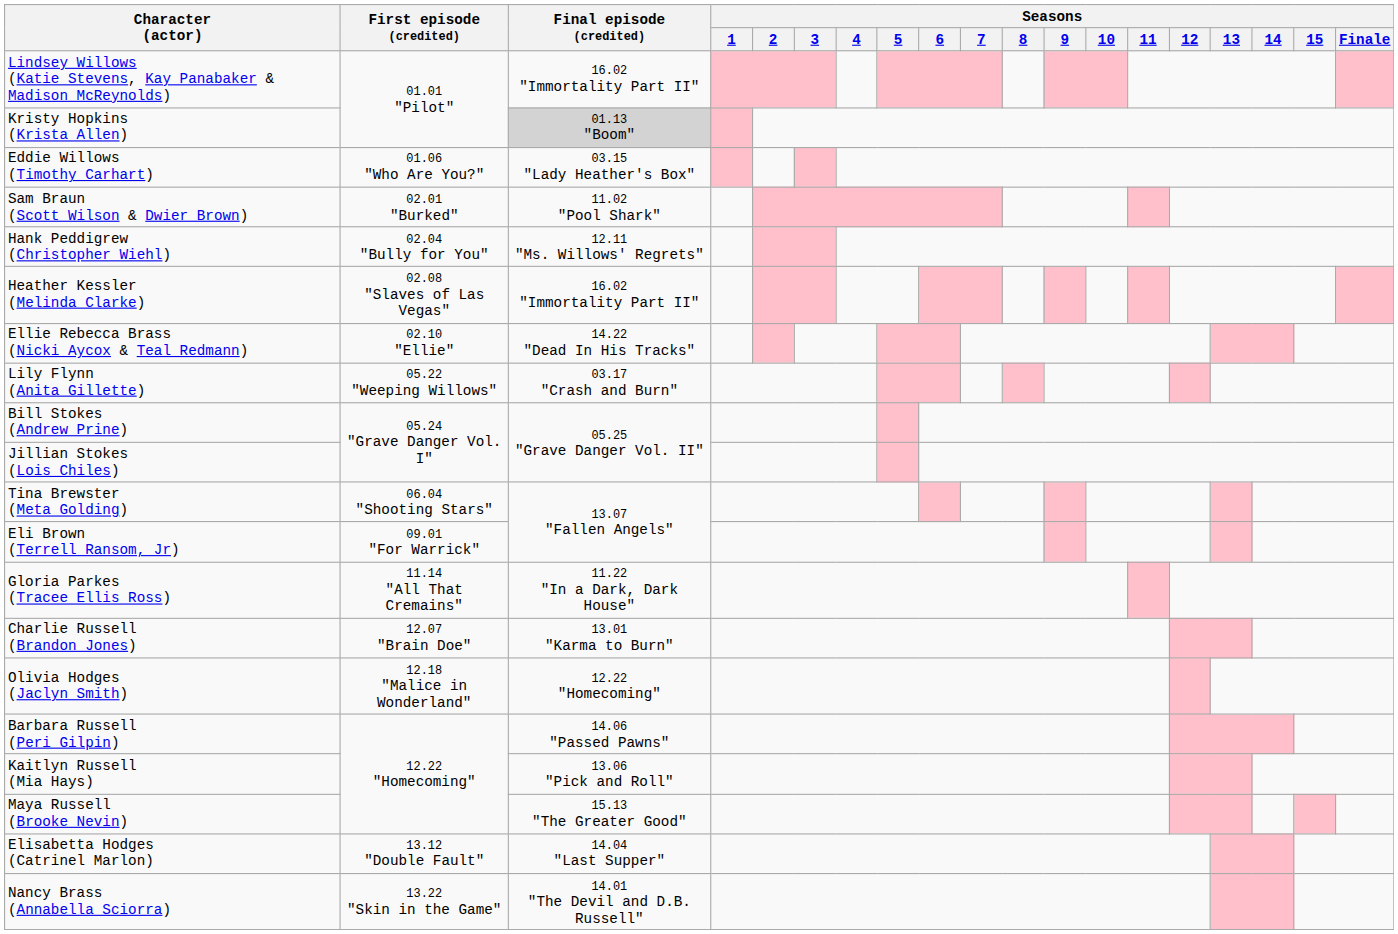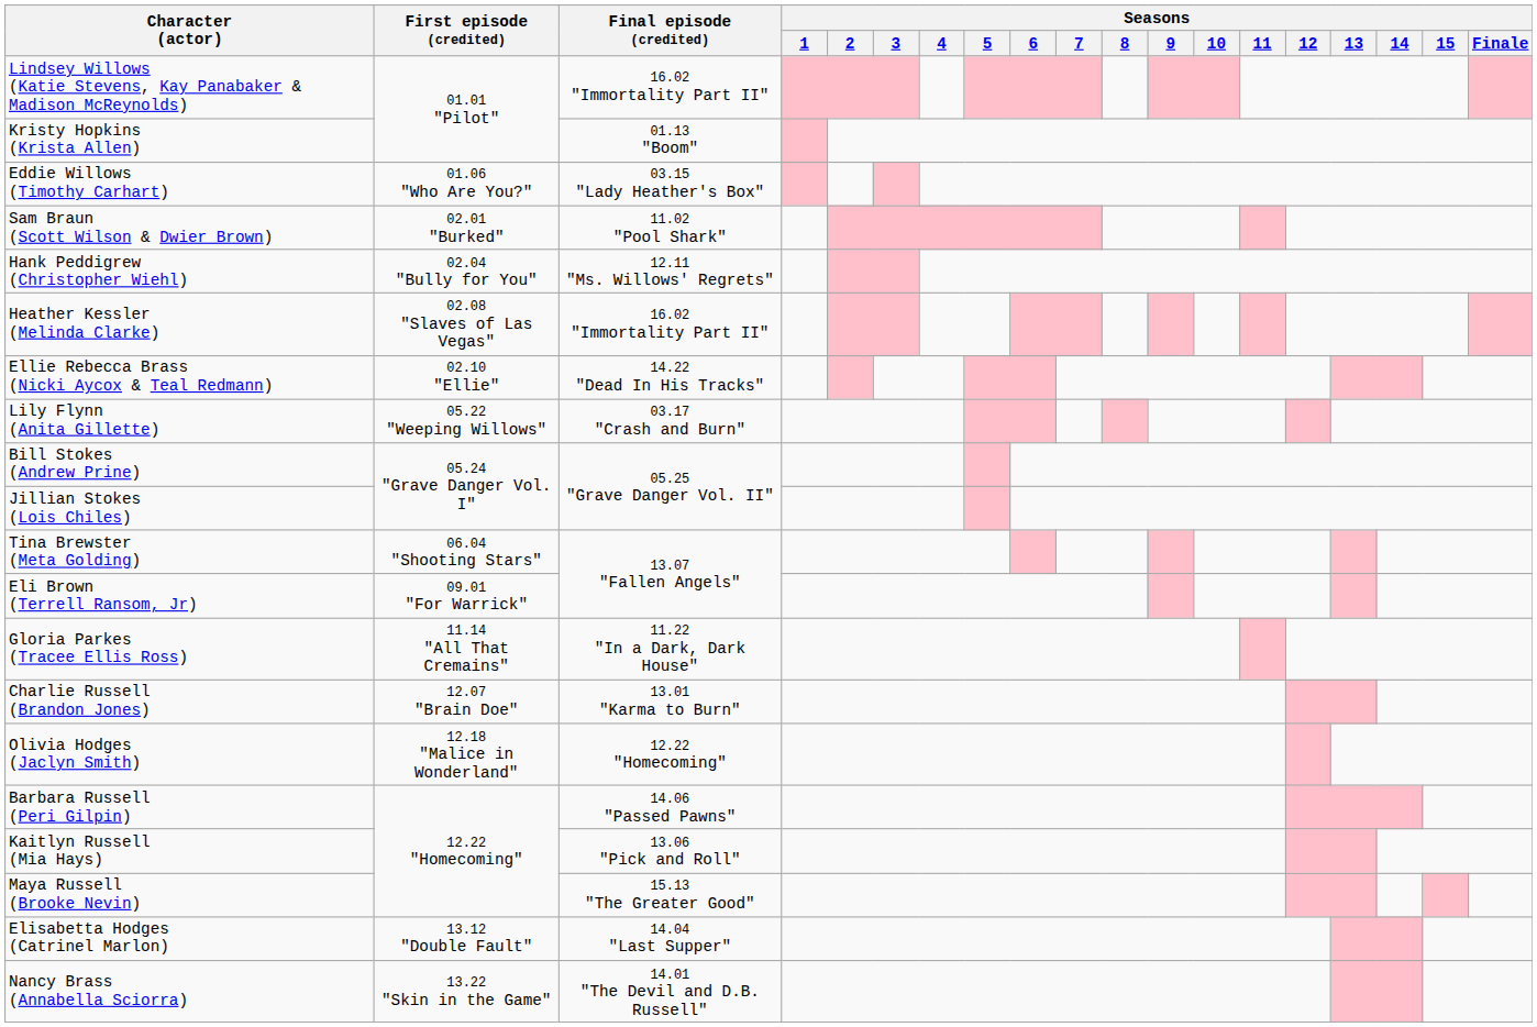 <table class="wikitable sortable sticky-header-multi" style="width:100%;">
 <tr>
 <th rowspan="2">Character<br>(actor)</th>
 <th class=unsortable rowspan="2">First episode<br><small>(credited)</small></th>
 <th class=unsortable rowspan="2">Final episode<br><small>(credited)</small></th>
 <th class=unsortable colspan="16">Seasons</th>
 </tr>
 <tr>
 <th class=unsortable style="width:3%;"><a href='#'>1</a></th>
 <th class=unsortable style="width:3%;"><a href='#'>2</a></th>
 <th class=unsortable style="width:3%;"><a href='#'>3</a></th>
 <th class=unsortable style="width:3%;"><a href='#'>4</a></th>
 <th class=unsortable style="width:3%;"><a href='#'>5</a></th>
 <th class=unsortable style="width:3%;"><a href='#'>6</a></th>
 <th class=unsortable style="width:3%;"><a href='#'>7</a></th>
 <th class=unsortable style="width:3%;"><a href='#'>8</a></th>
 <th class=unsortable style="width:3%;"><a href='#'>9</a></th>
 <th class=unsortable style="width:3%;"><a href='#'>10</a></th>
 <th class=unsortable style="width:3%;"><a href='#'>11</a></th>
 <th class=unsortable style="width:3%;"><a href='#'>12</a></th>
 <th class=unsortable style="width:3%;"><a href='#'>13</a></th>
 <th class=unsortable style="width:3%;"><a href='#'>14</a></th>
 <th class=unsortable style="width:3%;"><a href='#'>15</a></th>
 <th class=unsortable style="width:3%;"><a href='#'>Finale</a></th>
 </tr>
 <tr>
 <td><a href='#'>Lindsey Willows</a><br>(<a href='#'>Katie Stevens</a>, <a href='#'>Kay Panabaker</a> & <a href='#'>Madison McReynolds</a>)</td>
 <td rowspan="2" align="center"><small>01.01</small><br>"Pilot"</td>
 <td align="center"><small>16.02</small><br>"Immortality Part II"</td>
 <td colspan="3" align="center" style="background: pink"></td>
 <td></td>
 <td colspan="3" align="center" style="background: pink"></td>
 <td></td>
 <td colspan="2" align="center" style="background: pink"></td>
 <td colspan="5"></td>
 <td align="center" style="background: pink"></td>
 </tr>
 <tr>
 <td>Kristy Hopkins<br>(<a href='#'>Krista Allen</a>)</td>
-<td align="center" style="background: lightgrey;"><small>01.13</small><br>"Boom"</td>
+<td align="center"><small>01.13</small><br>"Boom"</td>
 <td colspan="1" align="center" style="background: pink"></td>
 <td colspan="15"></td>
 </tr>
 <tr>
 <td>Eddie Willows<br>(<a href='#'>Timothy Carhart</a>)</td>
 <td align="center"><small>01.06</small><br>"Who Are You?"</td>
 <td align="center"><small>03.15</small><br>"Lady Heather's Box"</td>
 <td colspan="1" align="center" style="background: pink"></td>
 <td></td>
 <td colspan="1" align="center" style="background: pink"></td>
 <td colspan="13"></td>
 </tr>
 <tr>
 <td>Sam Braun<br>(<a href='#'>Scott Wilson</a> & <a href='#'>Dwier Brown</a>)</td>
 <td align="center"><small>02.01</small><br>"Burked"</td>
 <td align="center"><small>11.02</small><br>"Pool Shark"</td>
 <td></td>
 <td colspan="6" align="center" style="background: pink"></td>
 <td colspan="3"></td>
 <td colspan="1" align="center" style="background: pink"></td>
 <td colspan="9"></td>
 </tr>
 <tr>
 <td>Hank Peddigrew<br>(<a href='#'>Christopher Wiehl</a>)</td>
 <td align="center"><small>02.04</small><br>"Bully for You"</td>
 <td align="center"><small>12.11</small><br>"Ms. Willows' Regrets"</td>
 <td></td>
 <td colspan="2" align="center" style="background: pink"></td>
 <td colspan="13"></td>
 </tr>
 <tr>
 <td>Heather Kessler<br>(<a href='#'>Melinda Clarke</a>)</td>
 <td align="center"><small>02.08</small><br>"Slaves of Las Vegas"</td>
 <td align="center"><small>16.02</small><br>"Immortality Part II"</td>
 <td></td>
 <td colspan="2" align="center" style="background: pink"></td>
 <td colspan="2"></td>
 <td colspan="2" align="center" style="background: pink"></td>
 <td></td>
 <td colspan="1" align="center" style="background: pink"></td>
 <td></td>
 <td colspan="1" align="center" style="background: pink"></td>
 <td colspan="4"></td>
 <td align="center" style="background: pink"></td>
 </tr>
 <tr>
 <td>Ellie Rebecca Brass<br>(<a href='#'>Nicki Aycox</a> & <a href='#'>Teal Redmann</a>)</td>
 <td align="center"><small>02.10</small><br>"Ellie"</td>
 <td align="center"><small>14.22</small><br>"Dead In His Tracks"</td>
 <td></td>
 <td colspan="1" align="center" style="background: pink"></td>
 <td colspan="2"></td>
 <td colspan="2" align="center" style="background: pink"></td>
 <td colspan="6"></td>
 <td colspan="2" align="center" style="background: pink"></td>
 <td colspan="2"></td>
 </tr>
 <tr>
 <td>Lily Flynn<br>(<a href='#'>Anita Gillette</a>)</td>
 <td align="center"><small>05.22</small><br>"Weeping Willows"</td>
 <td align="center"><small>03.17</small><br>"Crash and Burn"</td>
 <td colspan="4"></td>
 <td colspan="2" align="center" style="background: pink"></td>
 <td></td>
 <td align="center" style="background: pink"></td>
 <td colspan="3"></td>
 <td align="center" style="background: pink"></td>
 <td colspan="4"></td>
 </tr>
 <tr>
 <td>Bill Stokes<br>(<a href='#'>Andrew Prine</a>)</td>
 <td rowspan="2" align="center"><small>05.24</small><br>"Grave Danger Vol. I"</td>
 <td rowspan="2" align="center"><small>05.25</small><br>"Grave Danger Vol. II"</td>
 <td colspan="4"></td>
 <td colspan="1" align="center" style="background: pink"></td>
 <td colspan="11"></td>
 </tr>
 <tr>
 <td>Jillian Stokes<br>(<a href='#'>Lois Chiles</a>)</td>
 <td colspan="4"></td>
 <td colspan="1" align="center" style="background: pink"></td>
 <td colspan="11"></td>
 </tr>
 <tr>
 <td>Tina Brewster<br>(<a href='#'>Meta Golding</a>)</td>
 <td align="center"><small>06.04</small><br>"Shooting Stars"</td>
 <td rowspan="2" align="center"><small>13.07</small><br>"Fallen Angels"</td>
 <td colspan="5"></td>
 <td colspan="1" align="center" style="background: pink"></td>
 <td colspan="2"></td>
 <td colspan="1" align="center" style="background: pink"></td>
 <td colspan="3"></td>
 <td colspan="1" align="center" style="background: pink"></td>
 <td colspan="3"></td>
 </tr>
 <tr>
 <td>Eli Brown<br>(<a href='#'>Terrell Ransom, Jr</a>)</td>
 <td align="center"><small>09.01</small><br>"For Warrick"</td>
 <td colspan="8"></td>
 <td colspan="1" align="center" style="background: pink"></td>
 <td colspan="3"></td>
 <td colspan="1" align="center" style="background: pink"></td>
 <td colspan="3"></td>
 </tr>
 <tr>
 <td>Gloria Parkes<br>(<a href='#'>Tracee Ellis Ross</a>)</td>
 <td align="center"><small>11.14</small><br>"All That Cremains"</td>
 <td align="center"><small>11.22</small><br>"In a Dark, Dark House"</td>
 <td colspan="10"></td>
 <td colspan="1" align="center" style="background: pink"></td>
 <td colspan="5"></td>
 </tr>
 <tr>
 <td>Charlie Russell<br>(<a href='#'>Brandon Jones</a>)</td>
 <td align="center"><small>12.07</small><br>"Brain Doe"</td>
 <td align="center"><small>13.01</small><br>"Karma to Burn"</td>
 <td colspan="11"></td>
 <td colspan="2" align="center" style="background: pink"></td>
 <td colspan="3"></td>
 </tr>
 <tr>
 <td>Olivia Hodges<br>(<a href='#'>Jaclyn Smith</a>)</td>
 <td align="center"><small>12.18</small><br>"Malice in Wonderland"</td>
 <td align="center"><small>12.22</small><br>"Homecoming"</td>
 <td colspan="11"></td>
 <td colspan="1" align="center" style="background: pink"></td>
 <td colspan="4"></td>
 </tr>
 <tr>
 <td>Barbara Russell<br>(<a href='#'>Peri Gilpin</a>)</td>
 <td rowspan="3" align="center"><small>12.22</small><br>"Homecoming"</td>
 <td align="center"><small>14.06</small><br>"Passed Pawns"</td>
 <td colspan="11"></td>
 <td colspan="3" align="center" style="background: pink"></td>
 <td colspan="2"></td>
 </tr>
 <tr>
 <td>Kaitlyn Russell<br>(Mia Hays)</td>
 <td align="center"><small>13.06</small><br>"Pick and Roll"</td>
 <td colspan="11"></td>
 <td colspan="2" align="center" style="background: pink"></td>
 <td colspan="3"></td>
 </tr>
 <tr>
 <td>Maya Russell<br>(<a href='#'>Brooke Nevin</a>)</td>
 <td align="center"><small>15.13</small><br>"The Greater Good"</td>
 <td colspan="11"></td>
 <td colspan="2" align="center" style="background: pink"></td>
 <td></td>
 <td align="center" style="background: pink"></td>
 <td></td>
 </tr>
 <tr>
 <td>Elisabetta Hodges<br>(Catrinel Marlon)</td>
 <td align="center"><small>13.12</small><br>"Double Fault"</td>
 <td align="center"><small>14.04</small><br>"Last Supper"</td>
 <td colspan="12"></td>
 <td colspan="2" align="center" style="background: pink"></td>
 <td colspan="2"></td>
 </tr>
 <tr>
 <td>Nancy Brass<br>(<a href='#'>Annabella Sciorra</a>)</td>
 <td align="center"><small>13.22</small><br>"Skin in the Game"</td>
 <td align="center"><small>14.01</small><br>"The Devil and D.B. Russell"</td>
 <td colspan="12"></td>
 <td colspan="2" align="center" style="background: pink"></td>
 <td colspan="2"></td>
 </tr>
 <tr>
 </tr>
 </table>
